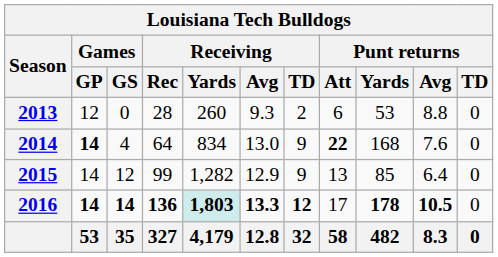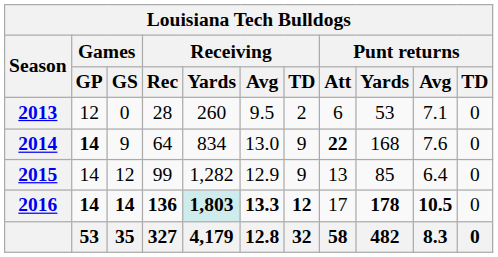 <table class="wikitable" style="text-align:center;">
 <tr>
 <th colspan="12">Louisiana Tech Bulldogs</th>
 </tr>
 <tr>
 <th rowspan="2">Season</th>
 <th colspan="2">Games</th>
 <th colspan="4">Receiving</th>
 <th colspan="4">Punt returns</th>
 </tr>
 <tr>
 <th>GP</th>
 <th>GS</th>
 <th>Rec</th>
 <th>Yards</th>
 <th>Avg</th>
 <th>TD</th>
 <th>Att</th>
 <th>Yards</th>
 <th>Avg</th>
 <th>TD</th>
 </tr>
 <tr>
 <th><a href='#'>2013</a></th>
 <td>12</td>
 <td>0</td>
 <td>28</td>
 <td>260</td>
-<td>9.3</td>
+<td>9.5</td>
 <td>2</td>
 <td>6</td>
 <td>53</td>
-<td>8.8</td>
+<td>7.1</td>
 <td>0</td>
 </tr>
 <tr>
 <th><a href='#'>2014</a></th>
 <td><strong>14</strong></td>
-<td>4</td>
+<td>9</td>
 <td>64</td>
 <td>834</td>
 <td>13.0</td>
 <td>9</td>
 <td><strong>22</strong></td>
 <td>168</td>
 <td>7.6</td>
 <td>0</td>
 </tr>
 <tr>
 <th><a href='#'>2015</a></th>
 <td>14</td>
 <td>12</td>
 <td>99</td>
 <td>1,282</td>
 <td>12.9</td>
 <td>9</td>
 <td>13</td>
 <td>85</td>
 <td>6.4</td>
 <td>0</td>
 </tr>
 <tr>
 <th><a href='#'>2016</a></th>
 <td><strong>14</strong></td>
 <td><strong>14</strong></td>
 <td><strong>136</strong></td>
 <td style="background: #CFECEC;"><strong>1,803</strong></td>
 <td><strong>13.3</strong></td>
 <td><strong>12</strong></td>
 <td>17</td>
 <td><strong>178</strong></td>
 <td><strong>10.5</strong></td>
 <td>0</td>
 </tr>
 <tr>
 <th></th>
 <th>53</th>
 <th>35</th>
 <th>327</th>
 <th>4,179</th>
 <th>12.8</th>
 <th>32</th>
 <th>58</th>
 <th>482</th>
 <th>8.3</th>
 <th>0</th>
 </tr>
 </table>
